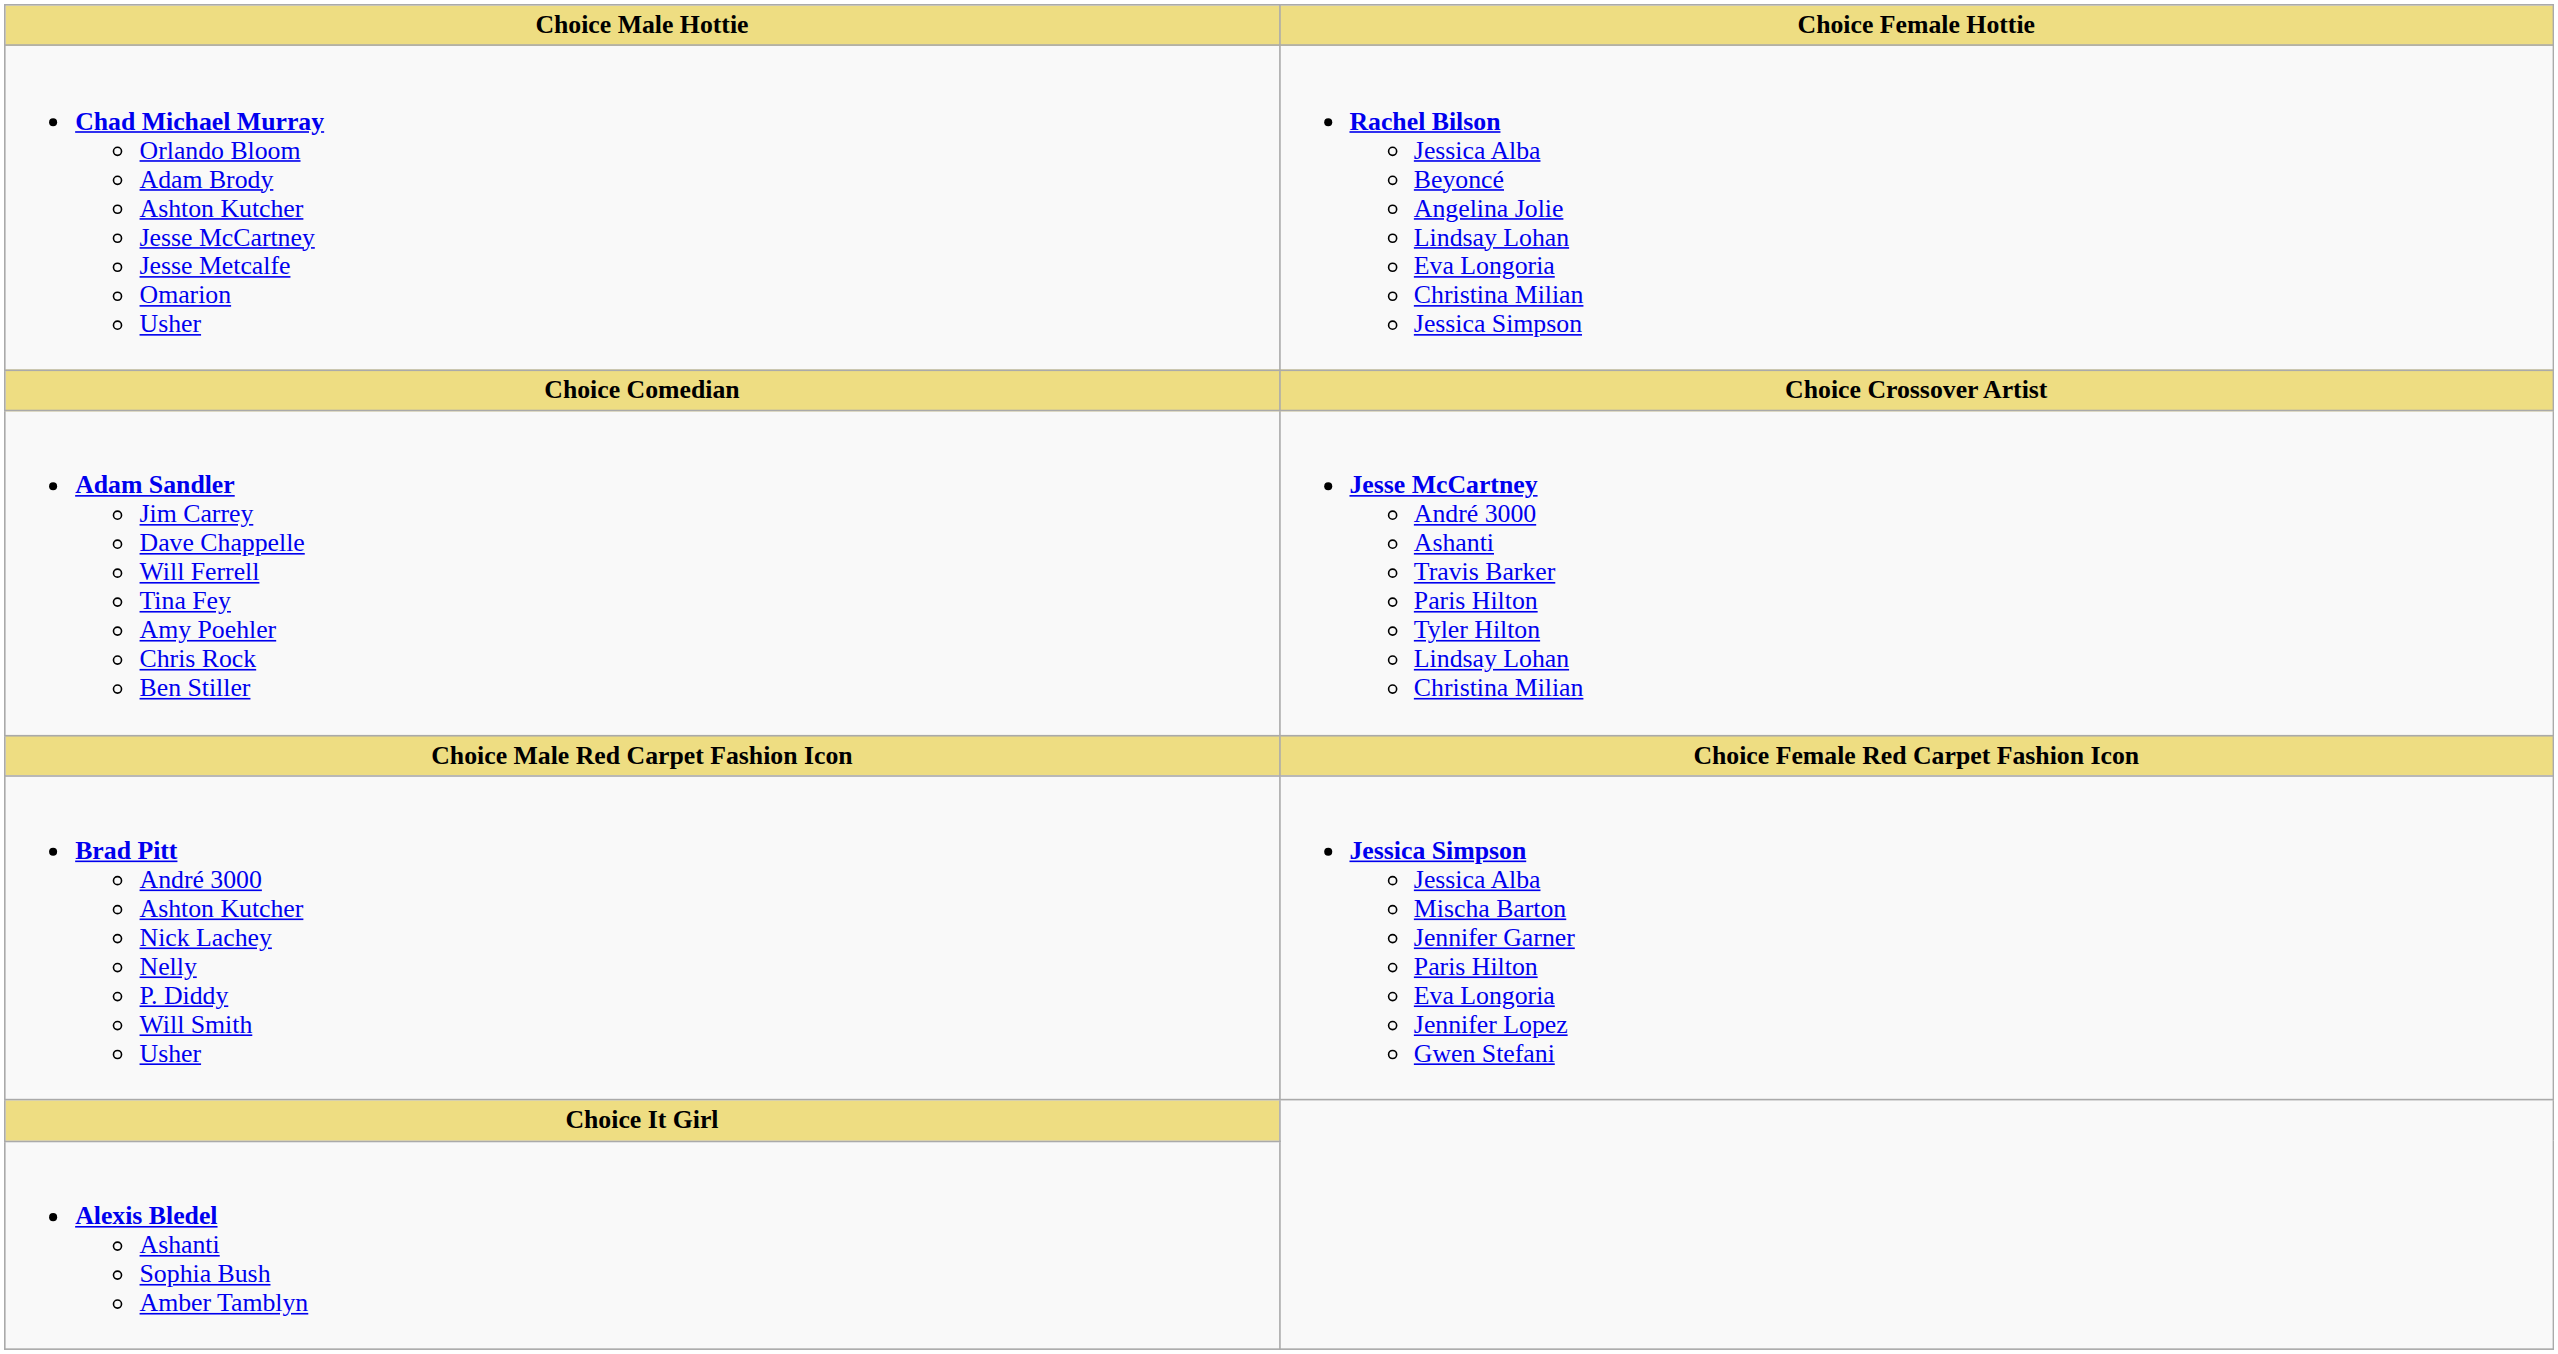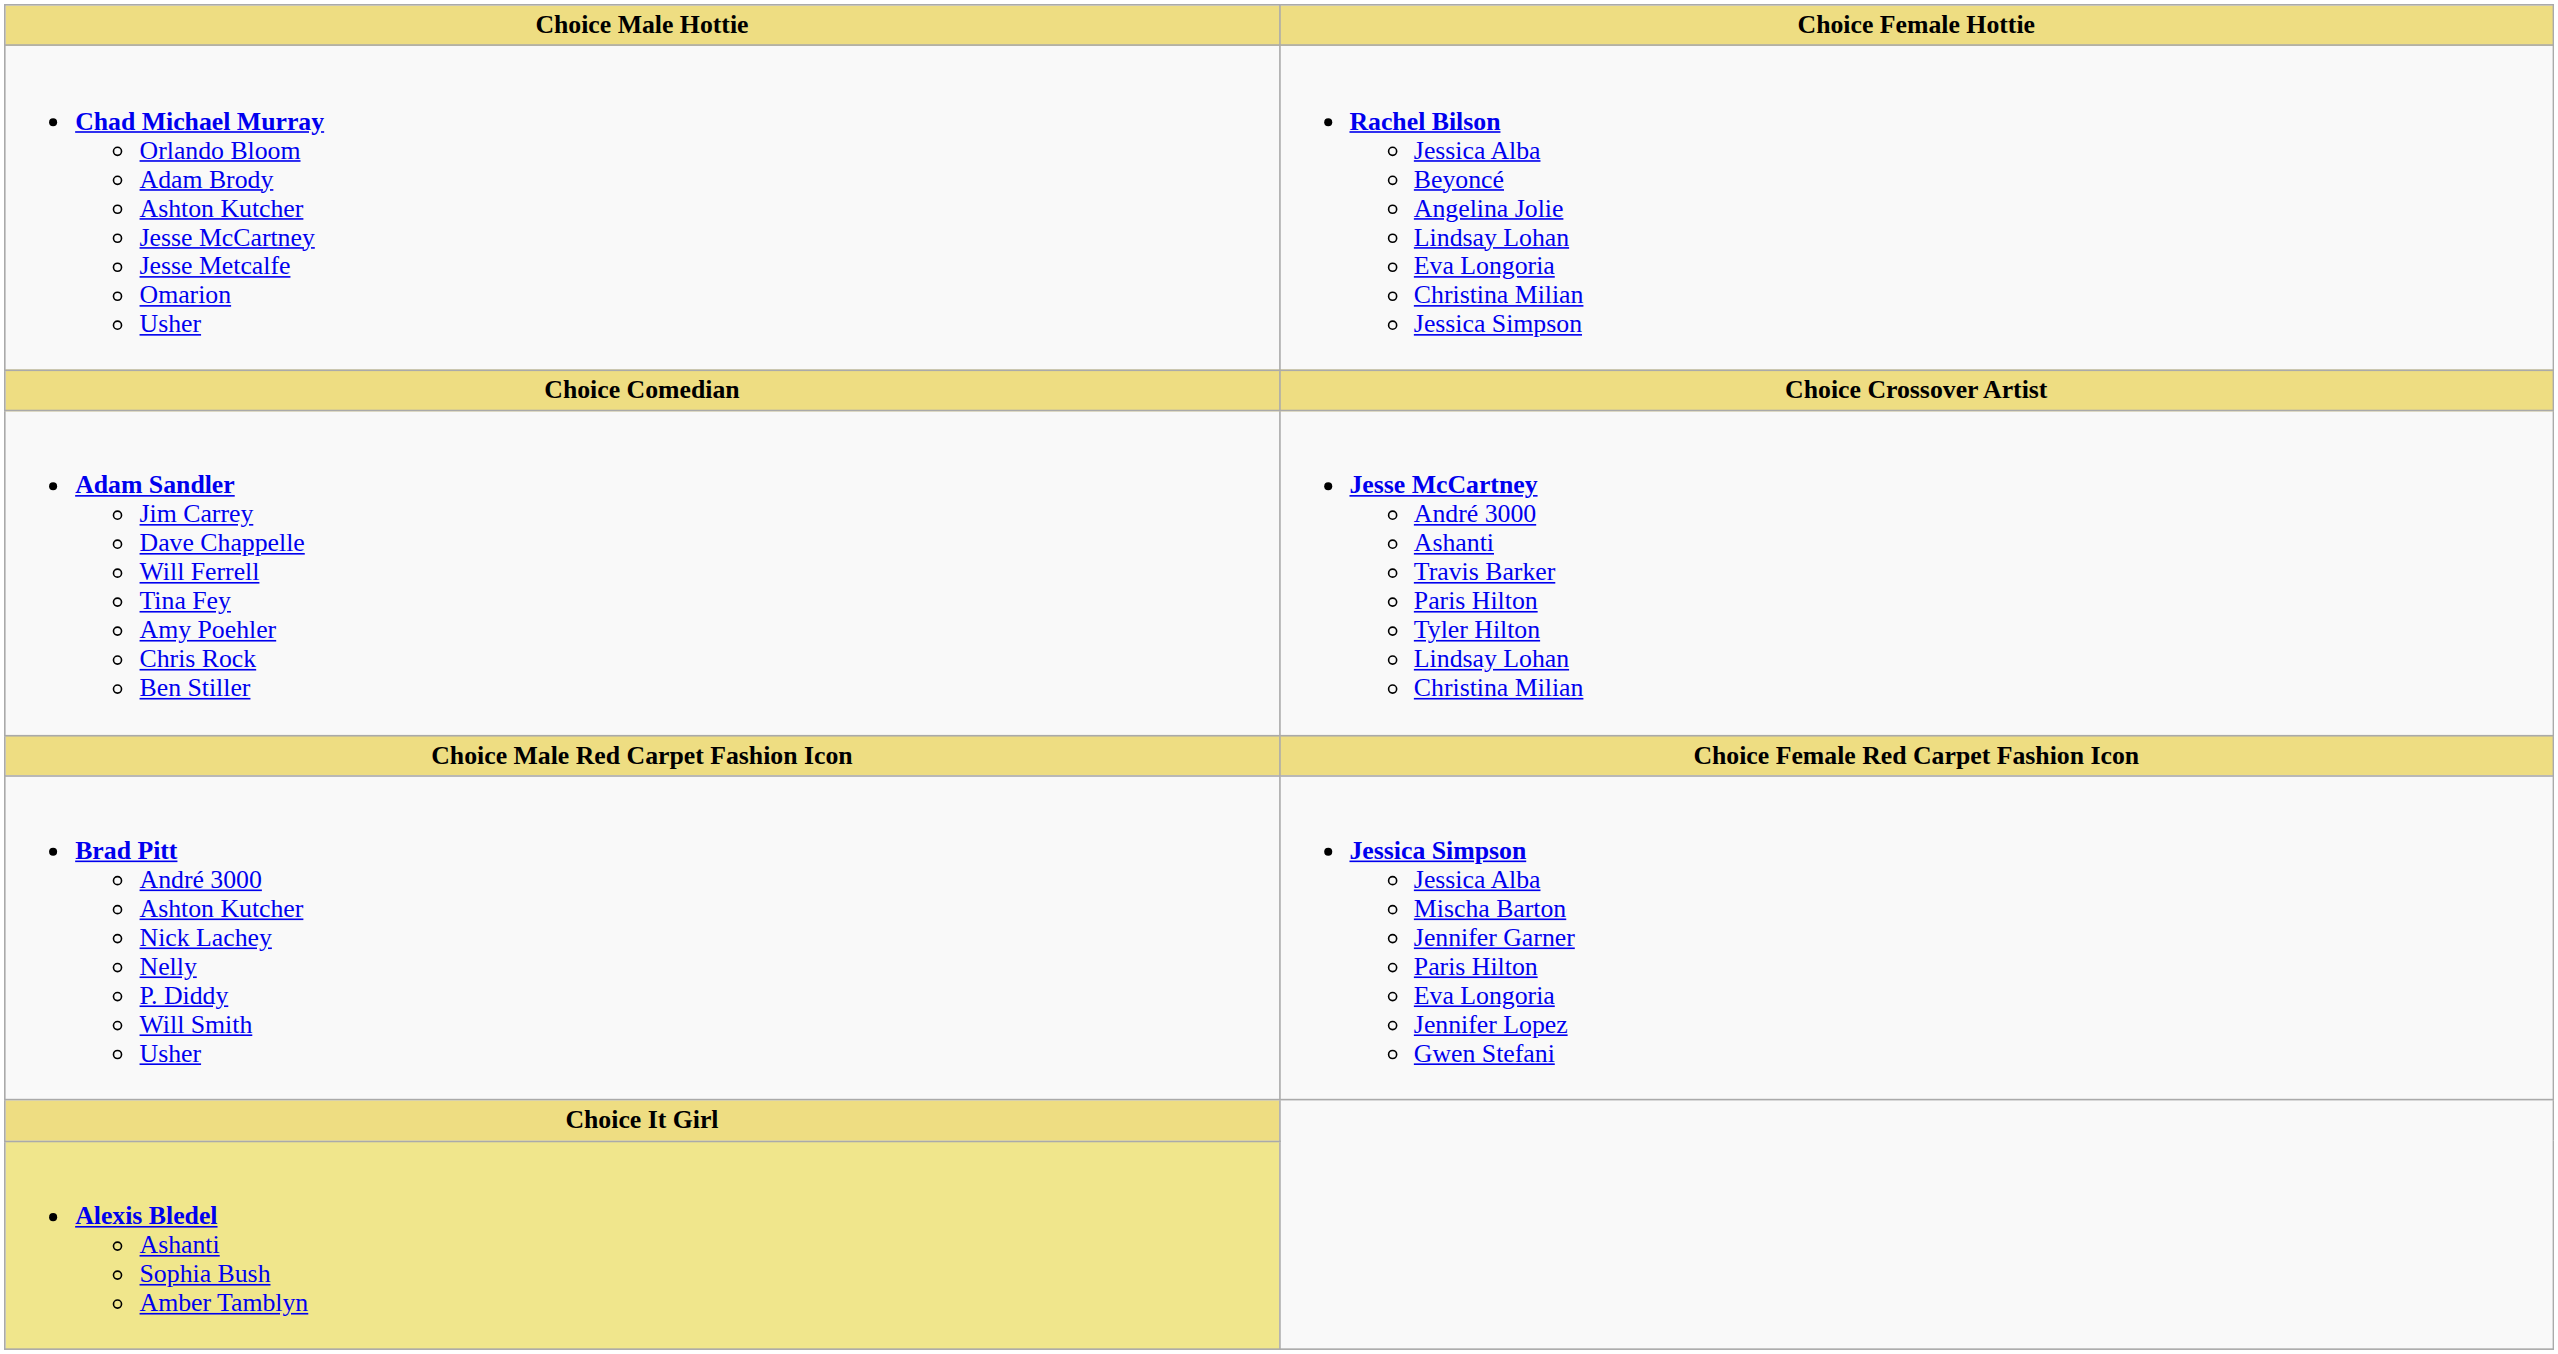 <table class="wikitable" style="width:100%">
 <tr>
 <th style="background:#EEDD82; width:50%">Choice Male Hottie</th>
 <th style="background:#EEDD82; width:50%">Choice Female Hottie</th>
 </tr>
 <tr>
 <td valign="top"><br><ul><li><strong><a href='#'>Chad Michael Murray</a></strong><ul><li><a href='#'>Orlando Bloom</a></li><li><a href='#'>Adam Brody</a></li><li><a href='#'>Ashton Kutcher</a></li><li><a href='#'>Jesse McCartney</a></li><li><a href='#'>Jesse Metcalfe</a></li><li><a href='#'>Omarion</a></li><li><a href='#'>Usher</a></li></ul></li></ul></td>
 <td valign="top"><br><ul><li><strong><a href='#'>Rachel Bilson</a></strong><ul><li><a href='#'>Jessica Alba</a></li><li><a href='#'>Beyoncé</a></li><li><a href='#'>Angelina Jolie</a></li><li><a href='#'>Lindsay Lohan</a></li><li><a href='#'>Eva Longoria</a></li><li><a href='#'>Christina Milian</a></li><li><a href='#'>Jessica Simpson</a></li></ul></li></ul></td>
 </tr>
 <tr>
 <th style="background:#EEDD82; width:50%">Choice Comedian</th>
 <th style="background:#EEDD82; width:50%">Choice Crossover Artist</th>
 </tr>
 <tr>
 <td valign="top"><br><ul><li><strong><a href='#'>Adam Sandler</a></strong><ul><li><a href='#'>Jim Carrey</a></li><li><a href='#'>Dave Chappelle</a></li><li><a href='#'>Will Ferrell</a></li><li><a href='#'>Tina Fey</a></li><li><a href='#'>Amy Poehler</a></li><li><a href='#'>Chris Rock</a></li><li><a href='#'>Ben Stiller</a></li></ul></li></ul></td>
 <td valign="top"><br><ul><li><strong><a href='#'>Jesse McCartney</a></strong><ul><li><a href='#'>André 3000</a></li><li><a href='#'>Ashanti</a></li><li><a href='#'>Travis Barker</a></li><li><a href='#'>Paris Hilton</a></li><li><a href='#'>Tyler Hilton</a></li><li><a href='#'>Lindsay Lohan</a></li><li><a href='#'>Christina Milian</a></li></ul></li></ul></td>
 </tr>
 <tr>
 <th style="background:#EEDD82; width:50%">Choice Male Red Carpet Fashion Icon</th>
 <th style="background:#EEDD82; width:50%">Choice Female Red Carpet Fashion Icon</th>
 </tr>
 <tr>
 <td valign="top"><br><ul><li><strong><a href='#'>Brad Pitt</a></strong><ul><li><a href='#'>André 3000</a></li><li><a href='#'>Ashton Kutcher</a></li><li><a href='#'>Nick Lachey</a></li><li><a href='#'>Nelly</a></li><li><a href='#'>P. Diddy</a></li><li><a href='#'>Will Smith</a></li><li><a href='#'>Usher</a></li></ul></li></ul></td>
 <td valign="top"><br><ul><li><strong><a href='#'>Jessica Simpson</a></strong><ul><li><a href='#'>Jessica Alba</a></li><li><a href='#'>Mischa Barton</a></li><li><a href='#'>Jennifer Garner</a></li><li><a href='#'>Paris Hilton</a></li><li><a href='#'>Eva Longoria</a></li><li><a href='#'>Jennifer Lopez</a></li><li><a href='#'>Gwen Stefani</a></li></ul></li></ul></td>
 </tr>
 <tr>
 <th style="background:#EEDD82;">Choice It Girl</th>
 <td rowspan="2"></td>
 </tr>
 <tr>
-<td valign="top"><br><ul><li><strong><a href='#'>Alexis Bledel</a></strong><ul><li><a href='#'>Ashanti</a></li><li><a href='#'>Sophia Bush</a></li><li><a href='#'>Amber Tamblyn</a></li></ul></li></ul></td>
+<td valign="top" style="background: khaki;"><br><ul><li><strong><a href='#'>Alexis Bledel</a></strong><ul><li><a href='#'>Ashanti</a></li><li><a href='#'>Sophia Bush</a></li><li><a href='#'>Amber Tamblyn</a></li></ul></li></ul></td>
 </tr>
 </table>
